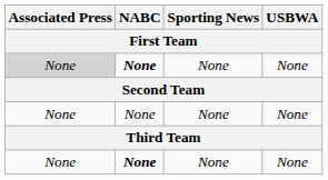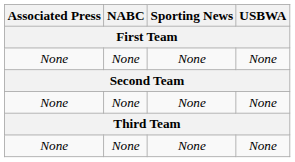 <table class="wikitable" style="text-align:center; font-size: 95%">
 <tr>
 <th>Associated Press</th>
 <th>NABC</th>
 <th>Sporting News</th>
 <th>USBWA</th>
 </tr>
 <tr>
 <th colspan=4>First Team</th>
 </tr>
 <tr>
-<td style="background: lightgrey;"><em>None</em></td>
-<td><strong><em>None</em></strong></td>
+<td><em>None</em></td>
+<td><em>None</em></td>
 <td><em>None</em></td>
 <td><em>None</em></td>
 </tr>
 <tr>
 <th colspan=4>Second Team</th>
 </tr>
 <tr>
 <td><em>None</em></td>
 <td><em>None</em></td>
 <td><em>None</em></td>
 <td><em>None</em></td>
 </tr>
 <tr>
 <th colspan=4>Third Team</th>
 </tr>
 <tr>
 <td><em>None</em></td>
-<td><strong><em>None</em></strong></td>
+<td><em>None</em></td>
 <td><em>None</em></td>
 <td><em>None</em></td>
 </tr>
 </table>
